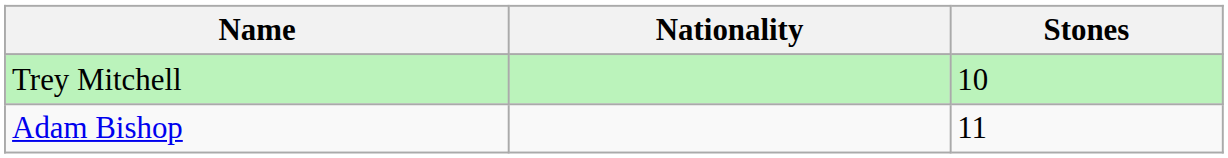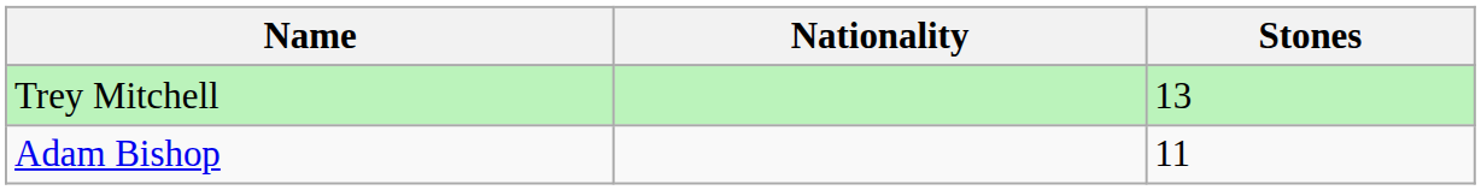 <table class="wikitable" style="display: inline-table; width: 50%;">
 <tr>
 <th>Name</th>
 <th>Nationality</th>
 <th>Stones</th>
 </tr>
 <tr bgcolor=bbf3bb>
 <td>Trey Mitchell</td>
 <td></td>
-<td>10</td>
+<td>13</td>
 </tr>
 <tr>
 <td><a href='#'>Adam Bishop</a></td>
 <td></td>
 <td>11</td>
 </tr>
 </table>
